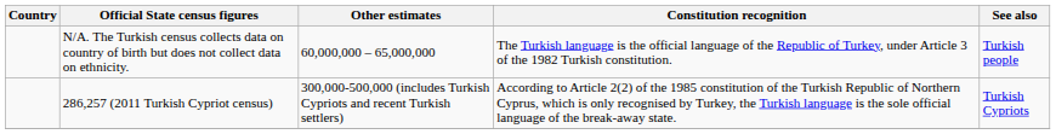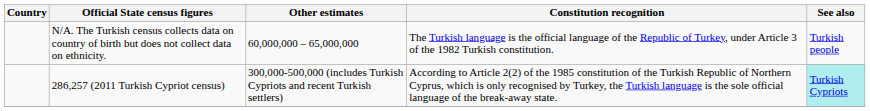 <table class="wikitable sortable">
 <tr>
 <th>Country</th>
 <th>Official State census figures</th>
 <th>Other estimates</th>
 <th>Constitution recognition</th>
 <th>See also</th>
 </tr>
 <tr>
 <td></td>
 <td>N/A. The Turkish census collects data on country of birth but does not collect data on ethnicity.</td>
 <td>60,000,000 – 65,000,000</td>
 <td>The <a href='#'>Turkish language</a> is the official language of the <a href='#'>Republic of Turkey</a>, under Article 3 of the 1982 Turkish constitution.</td>
 <td><a href='#'>Turkish people</a></td>
 </tr>
 <tr>
 <td></td>
 <td>286,257 (2011 Turkish Cypriot census)</td>
 <td>300,000-500,000  (includes Turkish Cypriots and recent Turkish settlers) <br></td>
 <td>According to Article 2(2) of the 1985 constitution of the Turkish Republic of Northern Cyprus, which is only recognised by Turkey, the <a href='#'>Turkish language</a> is the sole official language of the break-away state.</td>
-<td><a href='#'>Turkish Cypriots</a></td>
+<td style="background: paleturquoise;"><a href='#'>Turkish Cypriots</a></td>
 </tr>
 <tr>
 </tr>
 </table>
